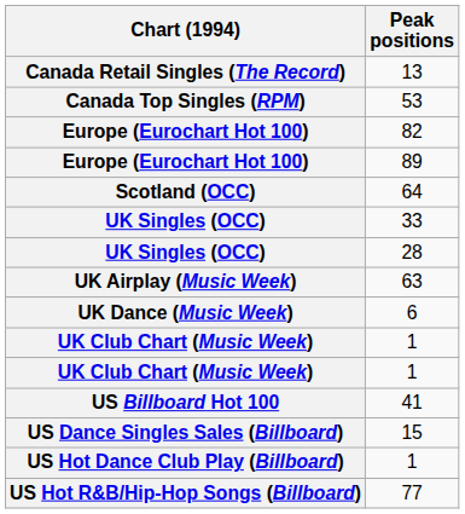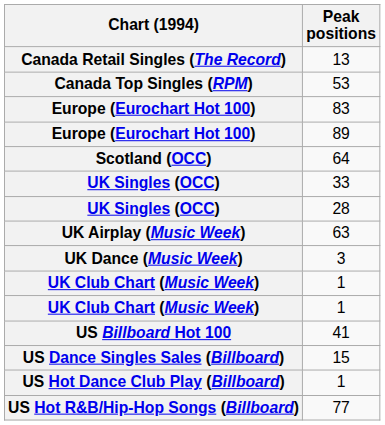 <table class="wikitable plainrowheaders sortable">
 <tr>
 <th>Chart (1994)</th>
 <th>Peak<br>positions</th>
 </tr>
 <tr>
 <th scope="row">Canada Retail Singles (<em><a href='#'>The Record</a></em>)</th>
 <td align="center">13</td>
 </tr>
 <tr>
 <th scope="row">Canada Top Singles (<em><a href='#'>RPM</a></em>)</th>
 <td align="center">53</td>
 </tr>
 <tr>
 <th scope="row">Europe (<a href='#'>Eurochart Hot 100</a>)<br></th>
-<td align="center">82</td>
+<td align="center">83</td>
 </tr>
 <tr>
 <th scope="row">Europe (<a href='#'>Eurochart Hot 100</a>)</th>
 <td align="center">89</td>
 </tr>
 <tr>
 <th scope="row">Scotland (<a href='#'>OCC</a>)</th>
 <td align="center">64</td>
 </tr>
 <tr>
 <th scope="row"><a href='#'>UK Singles</a> (<a href='#'>OCC</a>)<br></th>
 <td align="center">33</td>
 </tr>
 <tr>
 <th scope="row"><a href='#'>UK Singles</a> (<a href='#'>OCC</a>)</th>
 <td align="center">28</td>
 </tr>
 <tr>
 <th scope="row">UK Airplay (<em><a href='#'>Music Week</a></em>)</th>
 <td align="center">63</td>
 </tr>
 <tr>
 <th scope="row">UK Dance (<em><a href='#'>Music Week</a></em>)</th>
-<td align="center">6</td>
+<td align="center">3</td>
 </tr>
 <tr>
 <th scope="row"><a href='#'>UK Club Chart</a> (<em><a href='#'>Music Week</a></em>)<br></th>
 <td align="center">1</td>
 </tr>
 <tr>
 <th scope="row"><a href='#'>UK Club Chart</a> (<em><a href='#'>Music Week</a></em>)</th>
 <td align="center">1</td>
 </tr>
 <tr>
 <th scope="row">US <a href='#'><em>Billboard</em> Hot 100</a></th>
 <td align="center">41</td>
 </tr>
 <tr>
 <th scope="row">US <a href='#'>Dance Singles Sales</a> (<em><a href='#'>Billboard</a></em>)</th>
 <td align="center">15</td>
 </tr>
 <tr>
 <th scope="row">US <a href='#'>Hot Dance Club Play</a> (<em><a href='#'>Billboard</a></em>)</th>
 <td align="center">1</td>
 </tr>
 <tr>
 <th scope="row">US <a href='#'>Hot R&B/Hip-Hop Songs</a> (<em><a href='#'>Billboard</a></em>)</th>
 <td align="center">77</td>
 </tr>
 </table>
